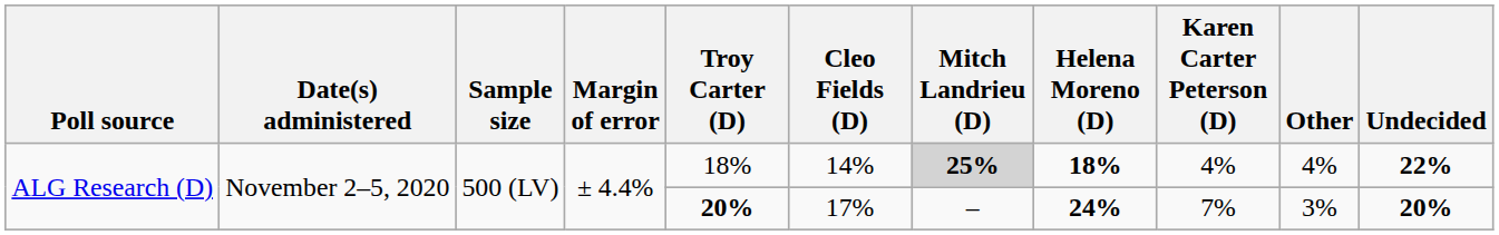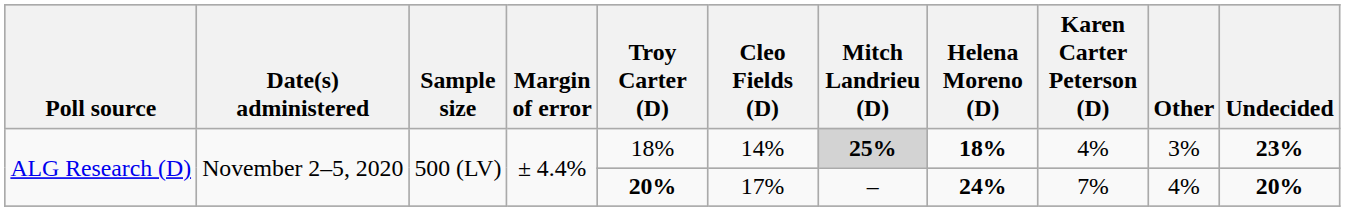 <table class="wikitable" style="font-size:90%;text-align:center;">
 <tr valign=bottom>
 <th>Poll source</th>
 <th>Date(s)<br>administered</th>
 <th>Sample<br>size</th>
 <th>Margin<br>of error</th>
 <th style="width:60px;">Troy<br>Carter<br>(D)</th>
 <th style="width:60px;">Cleo<br>Fields<br>(D)</th>
 <th style="width:60px;">Mitch<br>Landrieu<br>(D)</th>
 <th style="width:60px;">Helena<br>Moreno<br>(D)</th>
 <th style="width:60px;">Karen<br>Carter<br>Peterson<br>(D)</th>
 <th>Other</th>
 <th>Undecided</th>
 </tr>
 <tr>
 <td style="text-align:left;" rowspan=2><a href='#'>ALG Research (D)</a></td>
 <td rowspan=2>November 2–5, 2020</td>
 <td rowspan=2>500 (LV)</td>
 <td rowspan=2>± 4.4%</td>
 <td>18%</td>
 <td>14%</td>
 <td style="background: lightgrey;"><strong>25%</strong></td>
 <td><strong>18%</strong></td>
 <td>4%</td>
-<td>4%</td>
-<td><strong>22%</strong></td>
+<td>3%</td>
+<td><strong>23%</strong></td>
 </tr>
 <tr>
 <td><strong>20%</strong></td>
 <td>17%</td>
 <td>–</td>
 <td><strong>24%</strong></td>
 <td>7%</td>
-<td>3%</td>
+<td>4%</td>
 <td><strong>20%</strong></td>
 </tr>
 </table>
